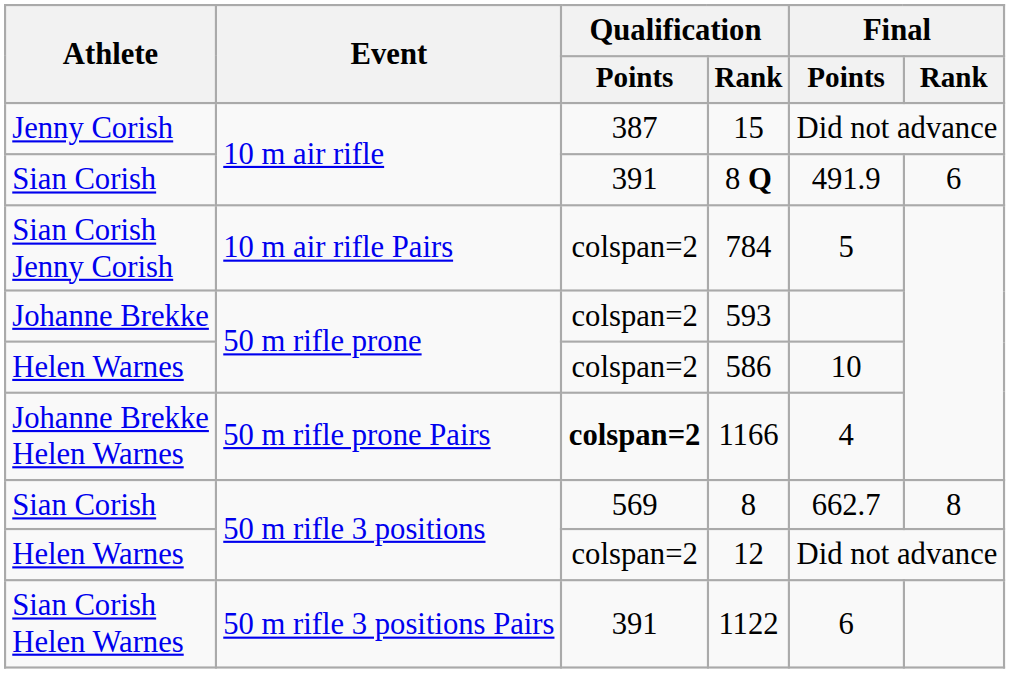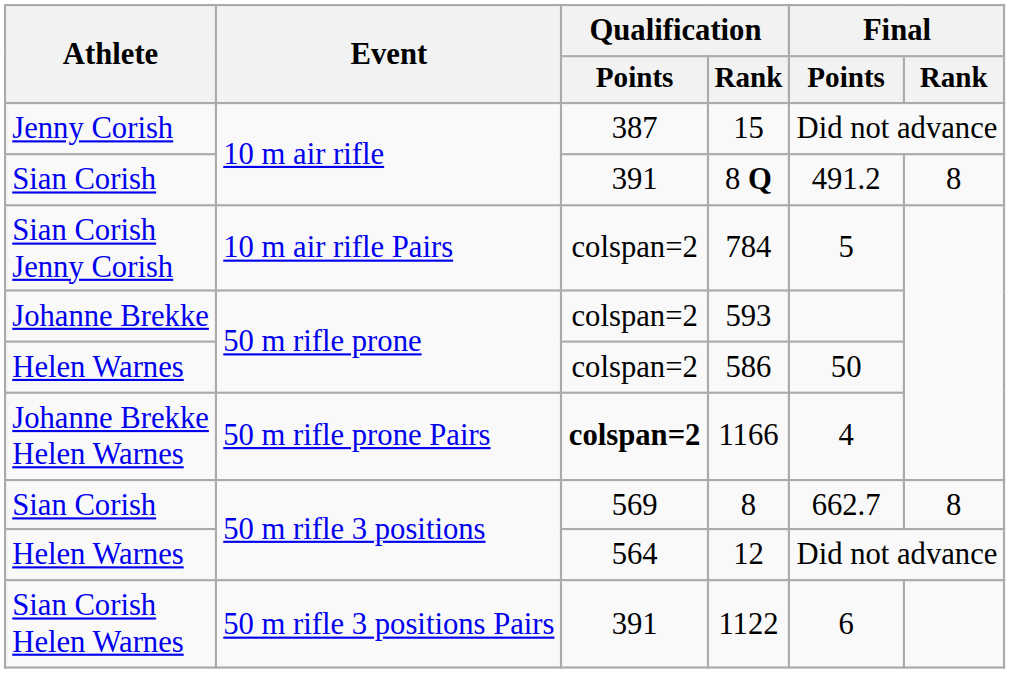 <table class="wikitable" style="font-size:90%;">
 <tr>
 <th rowspan=2>Athlete</th>
 <th rowspan=2>Event</th>
 <th colspan=2>Qualification</th>
 <th colspan=2>Final</th>
 </tr>
 <tr style="font-size:95%">
 <th>Points</th>
 <th>Rank</th>
 <th>Points</th>
 <th>Rank</th>
 </tr>
 <tr align=center>
 <td align=left><a href='#'>Jenny Corish</a></td>
 <td align=left rowspan=2><a href='#'>10 m air rifle</a></td>
 <td>387</td>
 <td>15</td>
 <td colspan=2>Did not advance</td>
 </tr>
 <tr align=center>
 <td align=left><a href='#'>Sian Corish</a></td>
 <td>391</td>
 <td>8 <strong>Q</strong></td>
-<td>491.9</td>
-<td>6</td>
+<td>491.2</td>
+<td>8</td>
 </tr>
 <tr align=center>
 <td align=left><a href='#'>Sian Corish</a><br><a href='#'>Jenny Corish</a></td>
 <td align=left rowspan=1><a href='#'>10 m air rifle Pairs</a></td>
 <td>colspan=2 </td>
 <td>784</td>
 <td>5</td>
 </tr>
 <tr align=center>
 <td align=left><a href='#'>Johanne Brekke</a></td>
 <td align=left rowspan=2><a href='#'>50 m rifle prone</a></td>
 <td>colspan=2 </td>
 <td>593</td>
 <td></td>
 </tr>
 <tr align=center>
 <td align=left><a href='#'>Helen Warnes</a></td>
 <td>colspan=2 </td>
 <td>586</td>
-<td>10</td>
+<td>50</td>
 </tr>
 <tr align=center>
 <td align=left><a href='#'>Johanne Brekke</a><br><a href='#'>Helen Warnes</a></td>
 <td align=left rowspan=1><a href='#'>50 m rifle prone Pairs</a></td>
 <td><strong>colspan=2 </strong></td>
 <td>1166</td>
 <td>4</td>
 </tr>
 <tr align=center>
 <td align=left><a href='#'>Sian Corish</a></td>
 <td align=left rowspan=2><a href='#'>50 m rifle 3 positions</a></td>
 <td>569</td>
 <td>8</td>
 <td>662.7</td>
 <td>8</td>
 </tr>
 <tr align=center>
 <td align=left><a href='#'>Helen Warnes</a></td>
-<td>colspan=2 </td>
+<td>564</td>
 <td>12</td>
 <td colspan=2>Did not advance</td>
 </tr>
 <tr align=center>
 <td align=left><a href='#'>Sian Corish</a><br><a href='#'>Helen Warnes</a></td>
 <td align=left rowspan=1><a href='#'>50 m rifle 3 positions Pairs</a></td>
 <td>391</td>
 <td>1122</td>
 <td>6</td>
 </tr>
 </table>
